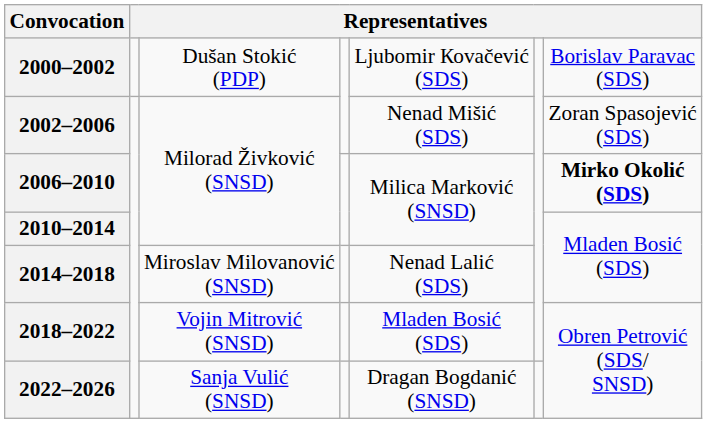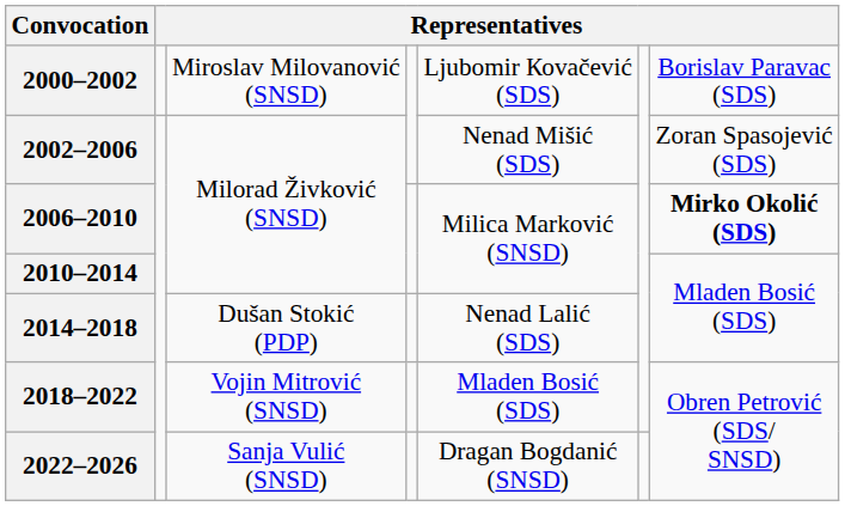 <table class="wikitable" style="text-align:center">
 <tr>
 <th>Convocation</th>
 <th colspan=6>Representatives</th>
 </tr>
 <tr>
 <th>2000–2002</th>
 <td rowspan=1; style="background-color: "></td>
-<td>Dušаn Stоkić<br>(<a href='#'>PDP</a>)</td>
+<td rowspan=1>Miroslav Milovanović <br>(<a href='#'>SNSD</a>)</td>
 <td rowspan=2; style="background-color: "></td>
 <td>Ljubоmir Коvаčеvić<br>(<a href='#'>SDS</a>)</td>
 <td rowspan=6; style="background-color: "></td>
 <td><a href='#'>Borislav Paravac</a><br>(<a href='#'>SDS</a>)</td>
 </tr>
 <tr>
 <th>2002–2006</th>
 <td rowspan=6; style="background-color: "></td>
 <td rowspan=3>Milorad Živković<br>(<a href='#'>SNSD</a>)</td>
 <td>Nenad Mišić<br>(<a href='#'>SDS</a>)</td>
 <td>Zоrаn Spаsоjеvić<br>(<a href='#'>SDS</a>)</td>
 </tr>
 <tr>
 <th>2006–2010</th>
 <td rowspan=2; style="background-color: "></td>
 <td rowspan=2>Milica Marković<br>(<a href='#'>SNSD</a>)</td>
 <td><strong>Mirko Okolić<br>(<a href='#'>SDS</a>)</strong></td>
 </tr>
 <tr>
 <th>2010–2014</th>
 <td rowspan=2><a href='#'>Mladen Bosić</a><br>(<a href='#'>SDS</a>)</td>
 </tr>
 <tr>
 <th>2014–2018</th>
-<td rowspan=1>Miroslav Milovanović <br>(<a href='#'>SNSD</a>)</td>
+<td>Dušаn Stоkić<br>(<a href='#'>PDP</a>)</td>
 <td rowspan=1; style="background-color: "></td>
 <td>Nenad Lalić<br>(<a href='#'>SDS</a>)</td>
 </tr>
 <tr>
 <th>2018–2022</th>
 <td><a href='#'>Vojin Mitrović</a><br>(<a href='#'>SNSD</a>)</td>
 <td rowspan=1; style="background-color: "></td>
 <td><a href='#'>Mladen Bosić</a><br>(<a href='#'>SDS</a>)</td>
 <td rowspan=2><a href='#'>Obren Petrović</a><br>(<a href='#'>SDS</a>/<br><a href='#'>SNSD</a>)</td>
 </tr>
 <tr>
 <th>2022–2026</th>
 <td><a href='#'>Sanja Vulić</a><br>(<a href='#'>SNSD</a>)</td>
 <td rowspan=1; style="background-color: "></td>
 <td>Dragan Bogdanić<br>(<a href='#'>SNSD</a>)</td>
 <td rowspan=1; style="background-color: "></td>
 </tr>
 </table>
